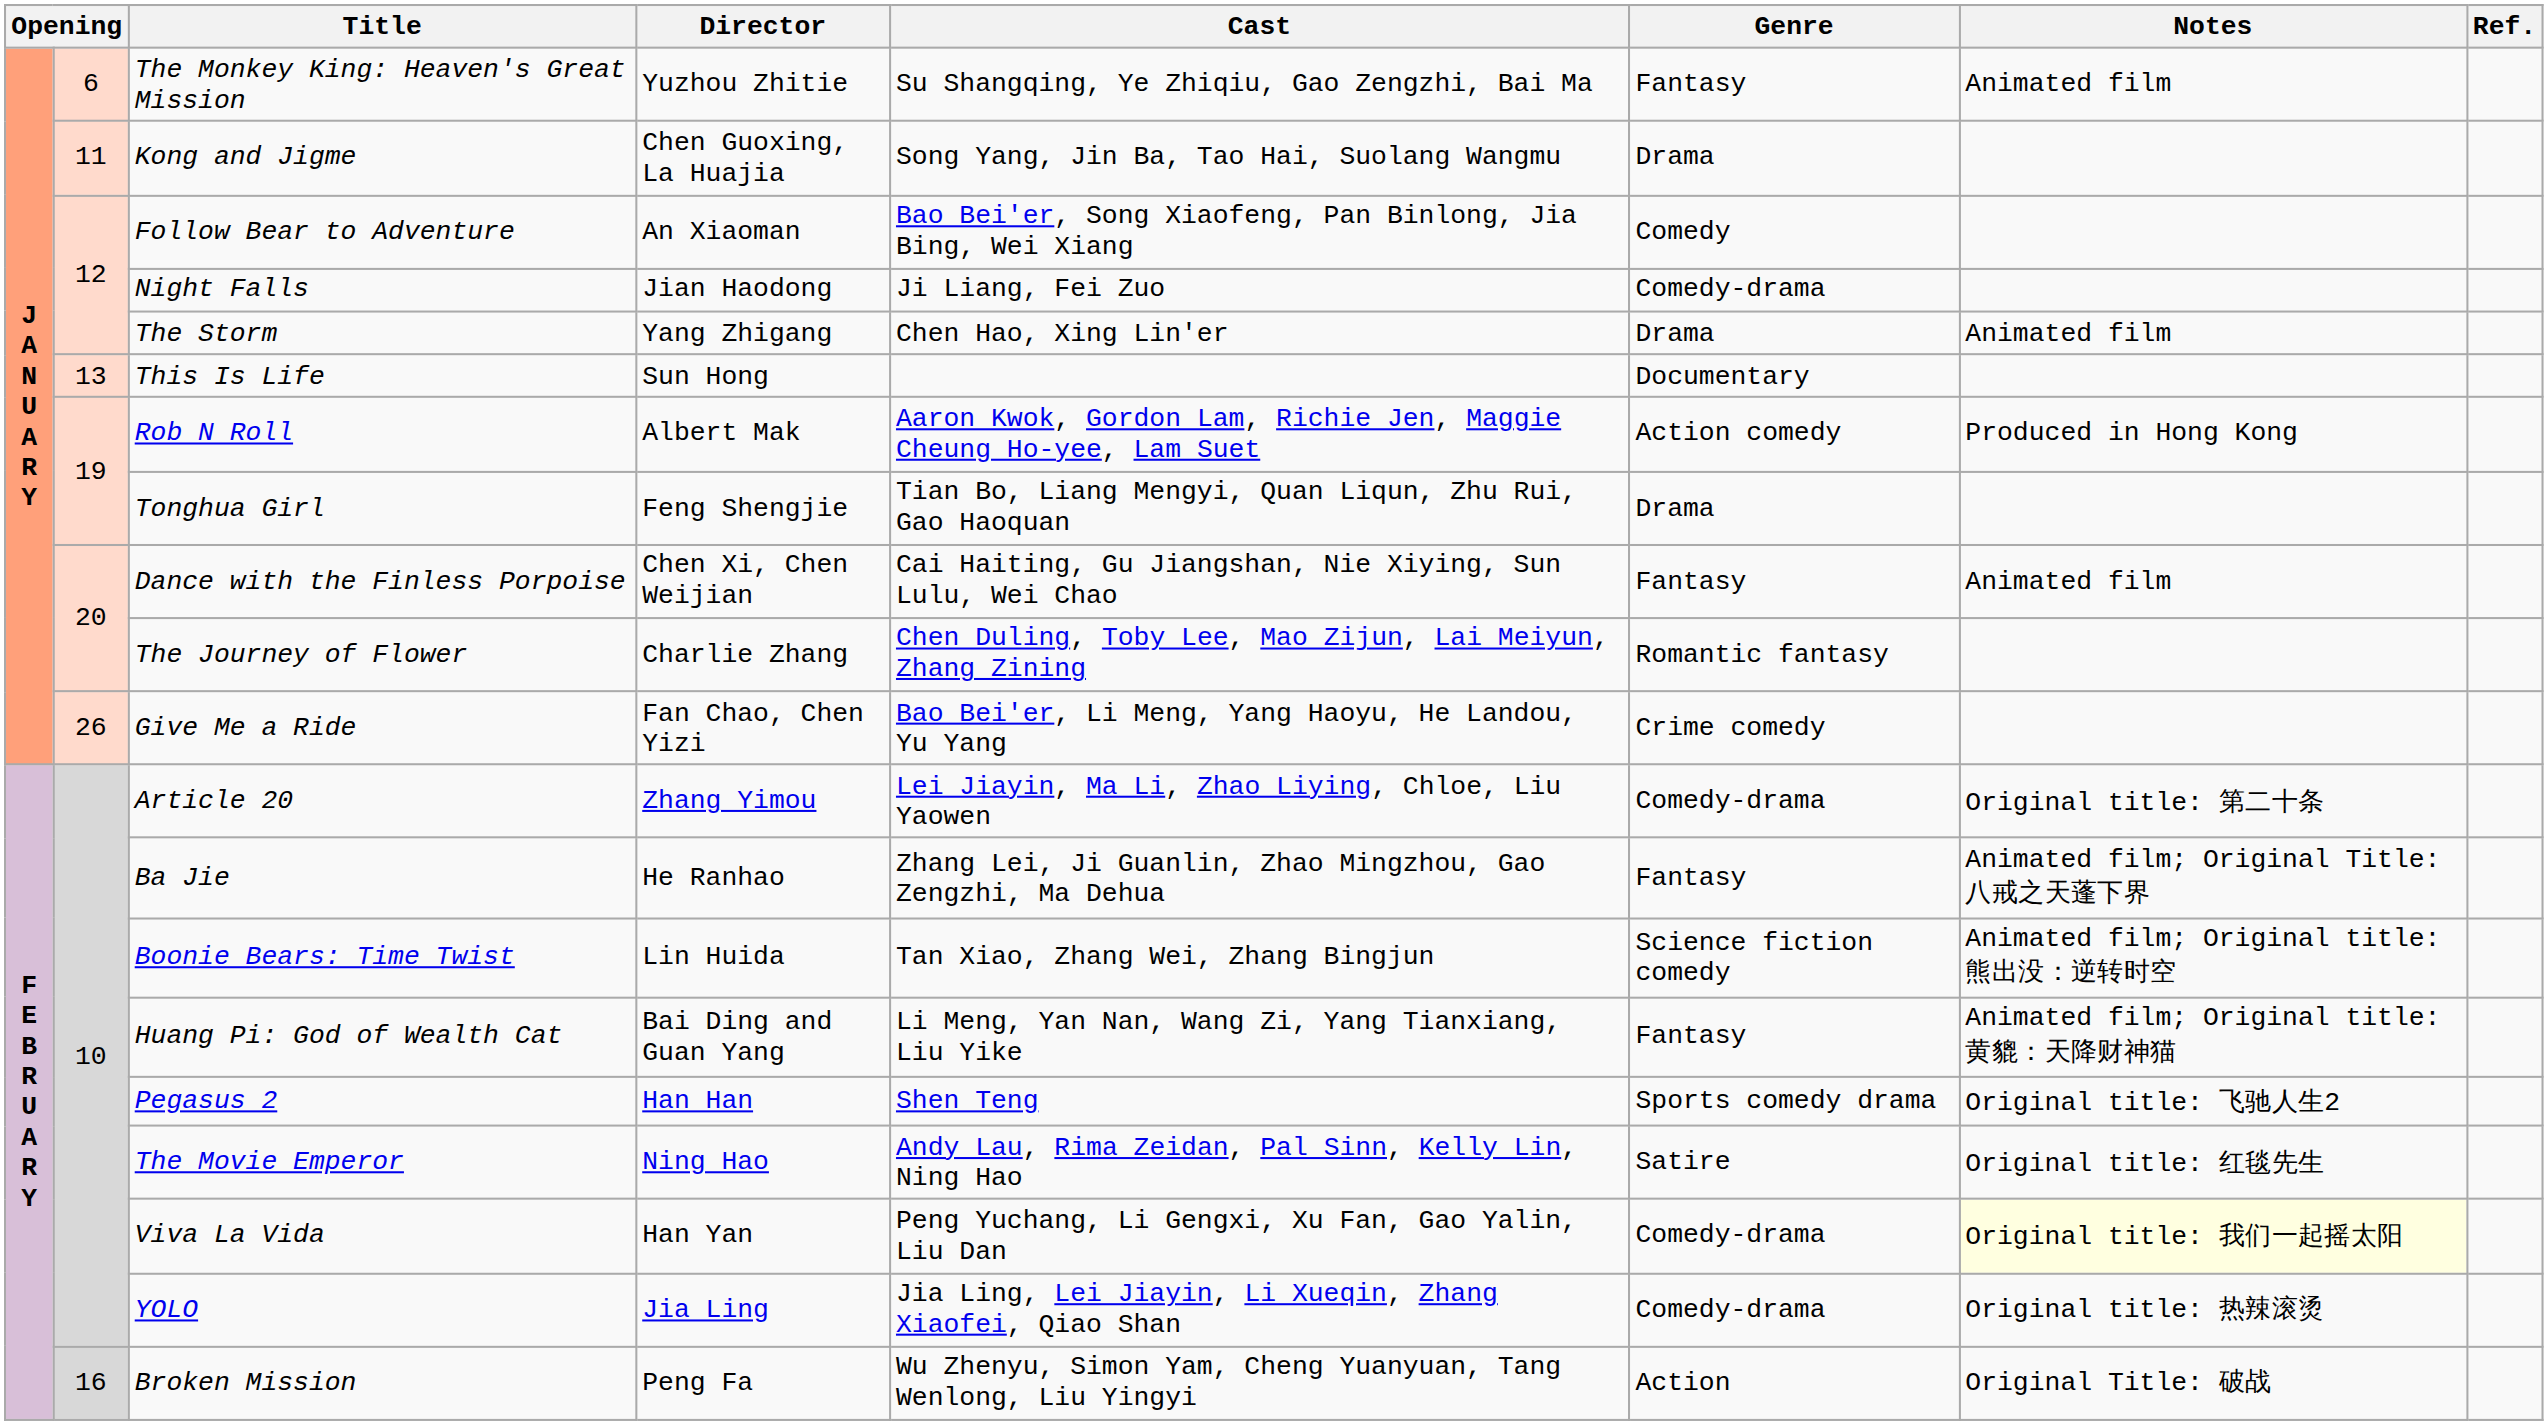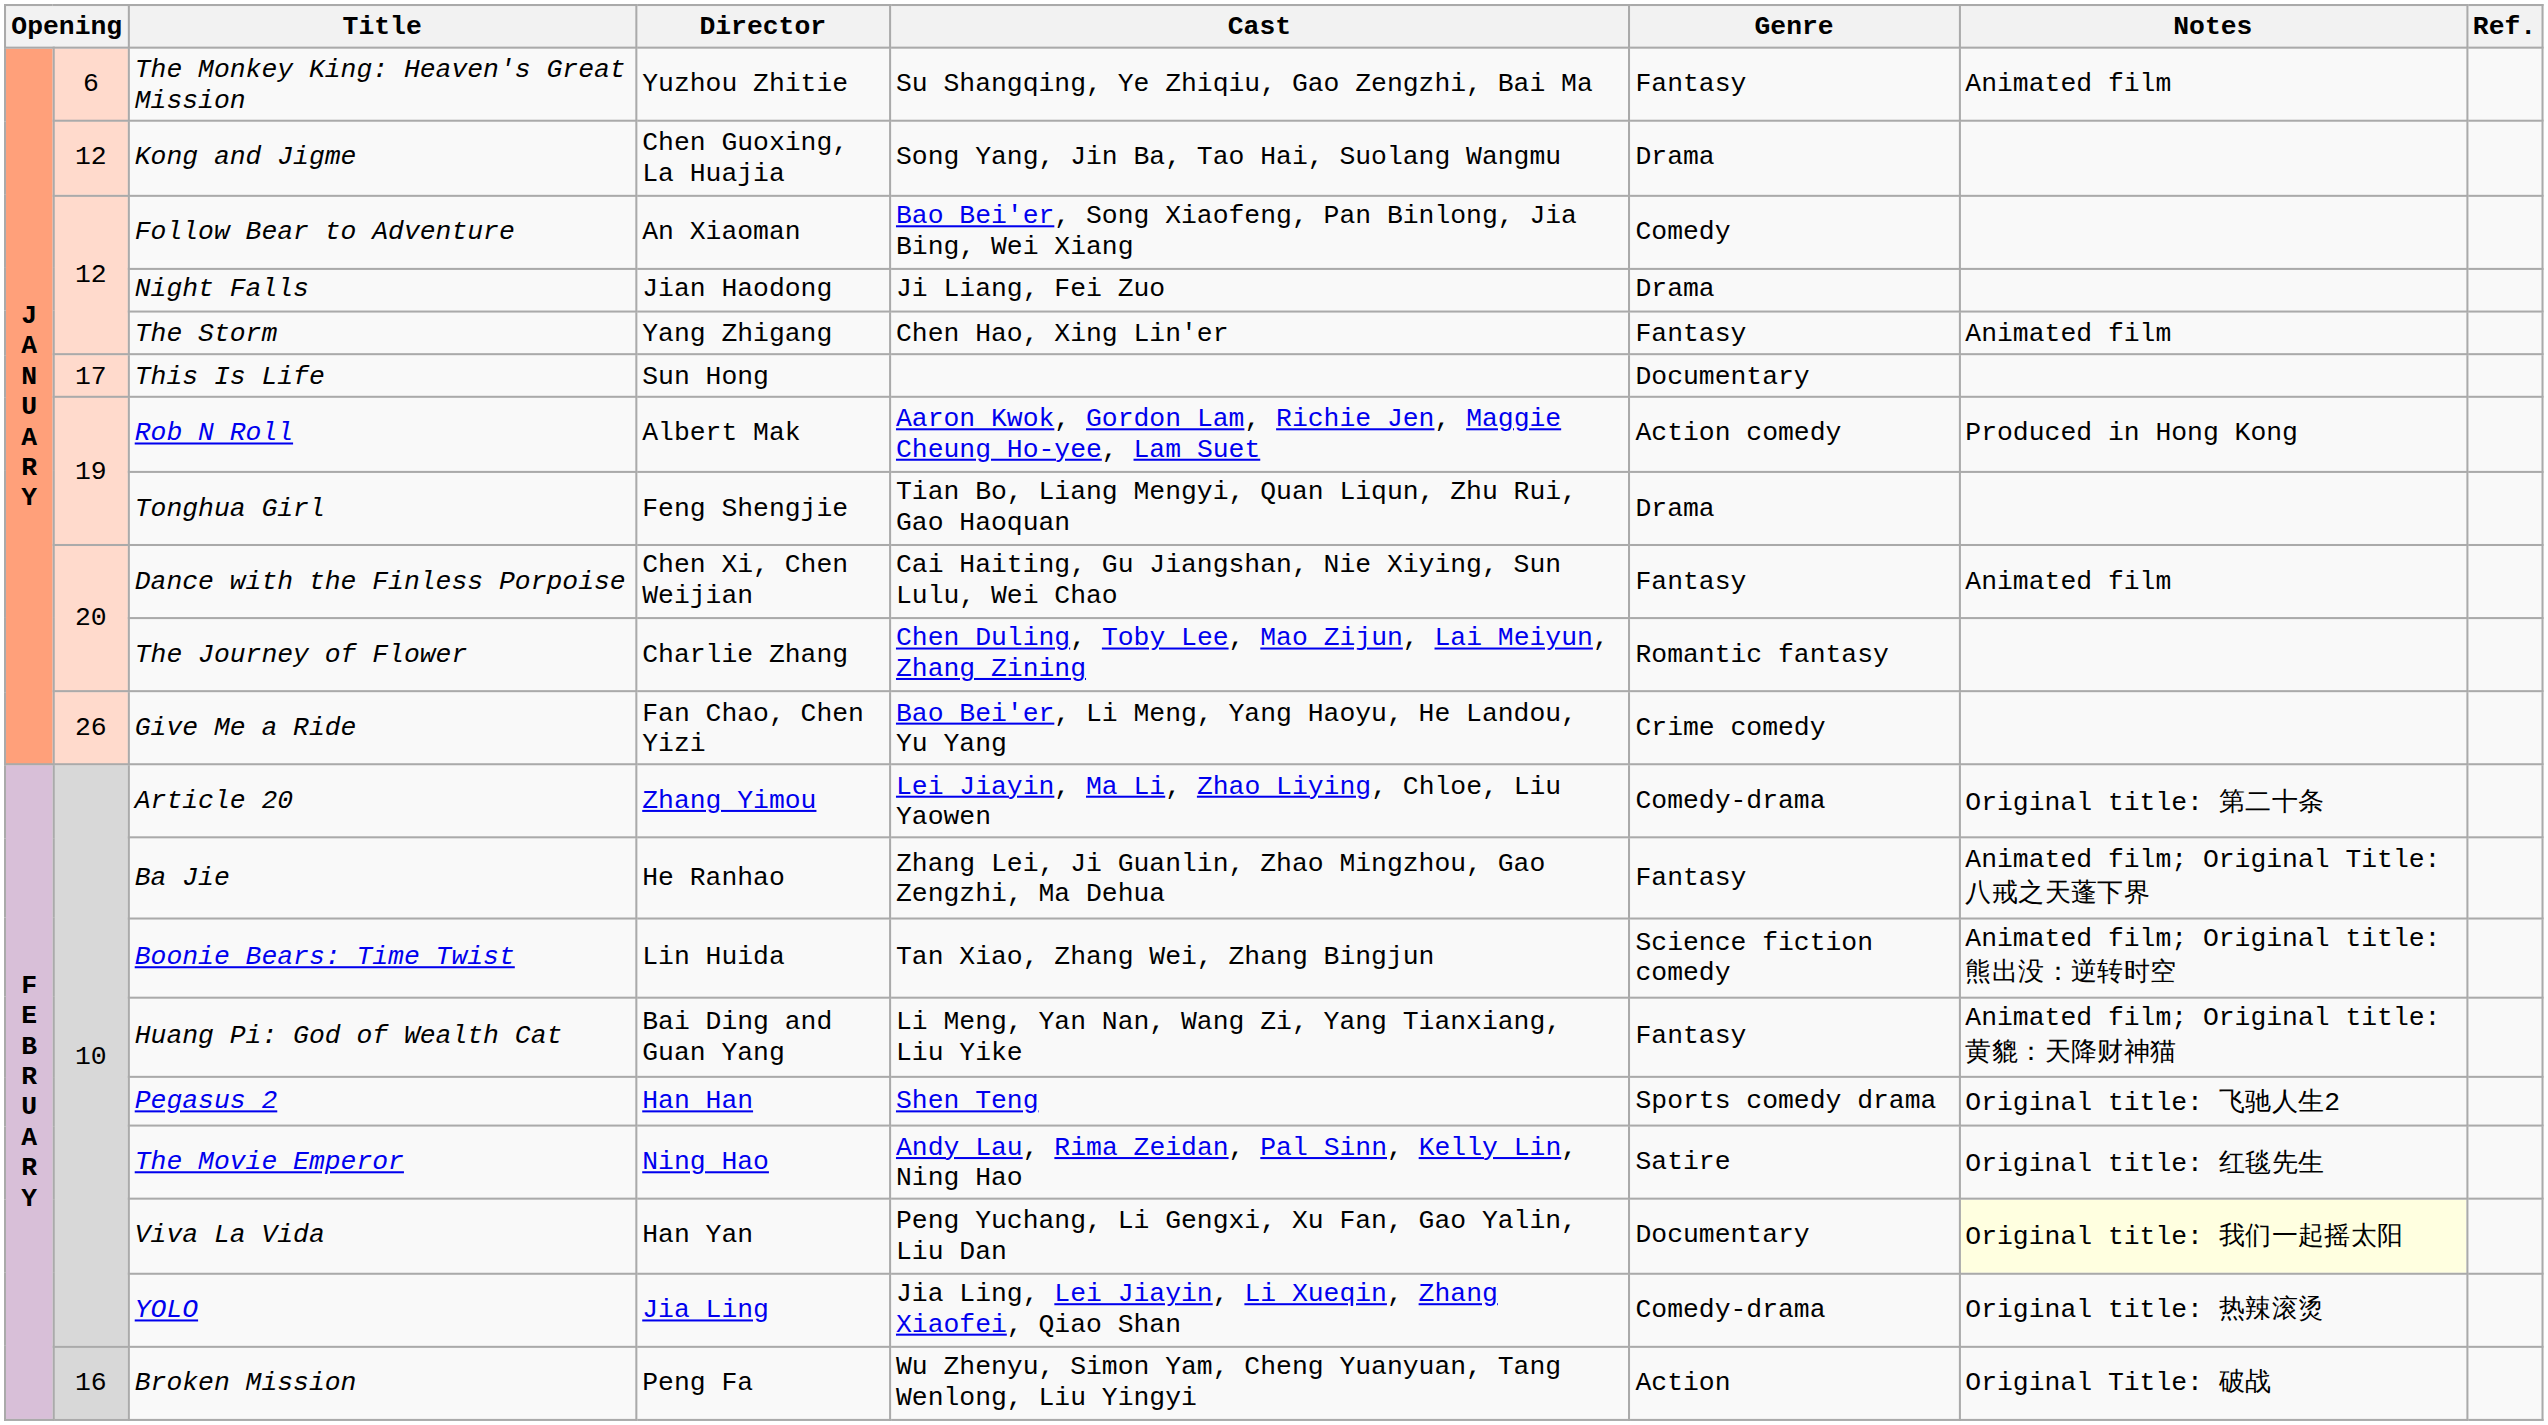 <table class="wikitable">
 <tr>
 <th colspan="2">Opening</th>
 <th style="width:20%;">Title</th>
 <th style="width:10%;">Director</th>
 <th>Cast</th>
 <th style="width:13%">Genre</th>
 <th style="width:20%">Notes</th>
 <th>Ref.</th>
 </tr>
 <tr>
 <th rowspan="11" style="text-align:center; background:#ffa07a; textcolor:#000;">J<br>A<br>N<br>U<br>A<br>R<br>Y</th>
 <td style="text-align:center; background:#ffdacc; textcolor:#000;">6 </td>
 <td><em>The Monkey King: Heaven's Great Mission</em></td>
 <td>Yuzhou Zhitie</td>
 <td>Su Shangqing, Ye Zhiqiu, Gao Zengzhi, Bai Ma</td>
 <td>Fantasy</td>
 <td>Animated film</td>
 <td style="text-align:center;"></td>
 </tr>
 <tr>
-<td style="text-align:center; background:#ffdacc; textcolor:#000;">11</td>
+<td style="text-align:center; background:#ffdacc; textcolor:#000;">12</td>
 <td><em>Kong and Jigme</em></td>
 <td>Chen Guoxing, La Huajia</td>
 <td>Song Yang, Jin Ba, Tao Hai, Suolang Wangmu</td>
 <td>Drama</td>
 <td></td>
 <td style="text-align:center;"></td>
 </tr>
 <tr>
 <td rowspan="3" style="text-align:center; background:#ffdacc; textcolor:#000;">12</td>
 <td><em>Follow Bear to Adventure</em></td>
 <td>An Xiaoman</td>
 <td><a href='#'>Bao Bei'er</a>, Song Xiaofeng, Pan Binlong, Jia Bing, Wei Xiang</td>
 <td>Comedy</td>
 <td></td>
 <td style="text-align:center;"></td>
 </tr>
 <tr>
 <td><em>Night Falls</em></td>
 <td>Jian Haodong</td>
 <td>Ji Liang, Fei Zuo</td>
-<td>Comedy-drama</td>
+<td>Drama</td>
 <td></td>
 <td style="text-align:center;"></td>
 </tr>
 <tr>
 <td><em>The Storm</em></td>
 <td>Yang Zhigang</td>
 <td>Chen Hao, Xing Lin'er</td>
-<td>Drama</td>
+<td>Fantasy</td>
 <td>Animated film</td>
 <td style="text-align:center;"></td>
 </tr>
 <tr>
-<td style="text-align:center; background:#ffdacc; textcolor:#000;">13</td>
+<td style="text-align:center; background:#ffdacc; textcolor:#000;">17</td>
 <td><em>This Is Life</em></td>
 <td>Sun Hong</td>
 <td></td>
 <td>Documentary</td>
 <td></td>
 <td style="text-align:center;"></td>
 </tr>
 <tr>
 <td rowspan="2" style="text-align:center; background:#ffdacc; textcolor:#000;">19</td>
 <td><em><a href='#'>Rob N Roll</a></em></td>
 <td>Albert Mak</td>
 <td><a href='#'>Aaron Kwok</a>, <a href='#'>Gordon Lam</a>, <a href='#'>Richie Jen</a>, <a href='#'>Maggie Cheung Ho-yee</a>, <a href='#'>Lam Suet</a></td>
 <td>Action comedy</td>
 <td>Produced in Hong Kong</td>
 <td style="text-align:center;"></td>
 </tr>
 <tr>
 <td><em>Tonghua Girl</em></td>
 <td>Feng Shengjie</td>
 <td>Tian Bo, Liang Mengyi, Quan Liqun, Zhu Rui, Gao Haoquan</td>
 <td>Drama</td>
 <td></td>
 <td style="text-align:center;"></td>
 </tr>
 <tr>
 <td rowspan="2" style="text-align:center; background:#ffdacc; textcolor:#000;">20</td>
 <td><em>Dance with the Finless Porpoise</em></td>
 <td>Chen Xi, Chen Weijian</td>
 <td>Cai Haiting, Gu Jiangshan, Nie Xiying, Sun Lulu, Wei Chao</td>
 <td>Fantasy</td>
 <td>Animated film</td>
 <td style="text-align:center;"></td>
 </tr>
 <tr>
 <td><em>The Journey of Flower</em></td>
 <td>Charlie Zhang</td>
 <td><a href='#'>Chen Duling</a>, <a href='#'>Toby Lee</a>, <a href='#'>Mao Zijun</a>, <a href='#'>Lai Meiyun</a>, <a href='#'>Zhang Zining</a></td>
 <td>Romantic fantasy</td>
 <td></td>
 <td style="text-align:center;"></td>
 </tr>
 <tr>
 <td style="text-align:center; background:#ffdacc; textcolor:#000;">26</td>
 <td><em>Give Me a Ride</em></td>
 <td>Fan Chao, Chen Yizi</td>
 <td><a href='#'>Bao Bei'er</a>, Li Meng, Yang Haoyu, He Landou, Yu Yang</td>
 <td>Crime comedy</td>
 <td></td>
 <td style="text-align:center;"></td>
 </tr>
 <tr>
 <th rowspan="9" style="text-align:center; background:thistle; textcolor:#000;">F<br>E<br>B<br>R<br>U<br>A<br>R<br>Y</th>
 <td rowspan="8" style="text-align:center; background:#d8d8d8; textcolor:#000;">10</td>
 <td><em>Article 20</em></td>
 <td><a href='#'>Zhang Yimou</a></td>
 <td><a href='#'>Lei Jiayin</a>, <a href='#'>Ma Li</a>, <a href='#'>Zhao Liying</a>, Chloe, Liu Yaowen</td>
 <td>Comedy-drama</td>
 <td>Original title: 第二十条</td>
 <td style="text-align:center;"></td>
 </tr>
 <tr>
 <td><em>Ba Jie</em></td>
 <td>He Ranhao</td>
 <td>Zhang Lei, Ji Guanlin, Zhao Mingzhou, Gao Zengzhi, Ma Dehua</td>
 <td>Fantasy</td>
 <td>Animated film; Original Title: 八戒之天蓬下界</td>
 <td style="text-align:center;"></td>
 </tr>
 <tr>
 <td><em><a href='#'>Boonie Bears: Time Twist</a></em></td>
 <td>Lin Huida</td>
 <td>Tan Xiao, Zhang Wei, Zhang Bingjun</td>
 <td>Science fiction comedy</td>
 <td>Animated film; Original title: 熊出没：逆转时空</td>
 <td style="text-align:center;"></td>
 </tr>
 <tr>
 <td><em>Huang Pi: God of Wealth Cat</em></td>
 <td>Bai Ding and Guan Yang</td>
 <td>Li Meng, Yan Nan, Wang Zi, Yang Tianxiang, Liu Yike</td>
 <td>Fantasy</td>
 <td>Animated film; Original title: 黄貔：天降财神猫</td>
 <td style="text-align:center;"></td>
 </tr>
 <tr>
 <td><em><a href='#'>Pegasus 2</a></em></td>
 <td><a href='#'>Han Han</a></td>
 <td><a href='#'>Shen Teng</a></td>
 <td>Sports comedy drama</td>
 <td>Original title: 飞驰人生2</td>
 <td style="text-align:center;"></td>
 </tr>
 <tr>
 <td><em><a href='#'>The Movie Emperor</a></em></td>
 <td><a href='#'>Ning Hao</a></td>
 <td><a href='#'>Andy Lau</a>, <a href='#'>Rima Zeidan</a>, <a href='#'>Pal Sinn</a>, <a href='#'>Kelly Lin</a>, Ning Hao</td>
 <td>Satire</td>
 <td>Original title: 红毯先生</td>
 <td style="text-align:center;"></td>
 </tr>
 <tr>
 <td><em>Viva La Vida</em></td>
 <td>Han Yan</td>
 <td>Peng Yuchang, Li Gengxi, Xu Fan, Gao Yalin, Liu Dan</td>
-<td>Comedy-drama</td>
+<td>Documentary</td>
 <td style="background: lightyellow;">Original title: 我们一起摇太阳</td>
 <td style="text-align:center;"></td>
 </tr>
 <tr>
 <td><em><a href='#'>YOLO</a></em></td>
 <td><a href='#'>Jia Ling</a></td>
 <td>Jia Ling, <a href='#'>Lei Jiayin</a>, <a href='#'>Li Xueqin</a>, <a href='#'>Zhang Xiaofei</a>, Qiao Shan</td>
 <td>Comedy-drama</td>
 <td>Original title: 热辣滚烫</td>
 <td style="text-align:center;"></td>
 </tr>
 <tr>
 <td style="text-align:center; background:#d8d8d8; textcolor:#000;">16</td>
 <td><em>Broken Mission</em></td>
 <td>Peng Fa</td>
 <td>Wu Zhenyu, Simon Yam, Cheng Yuanyuan, Tang Wenlong, Liu Yingyi</td>
 <td>Action</td>
 <td>Original Title: 破战</td>
 <td style="text-align:center;"></td>
 </tr>
 </table>
